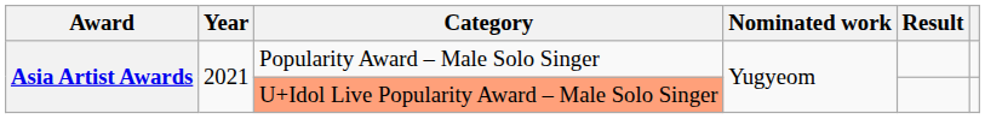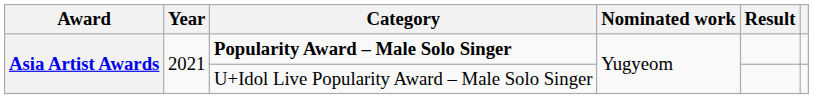 <table class="wikitable sortable plainrowheaders">
 <tr>
 <th scope="col">Award</th>
 <th scope="col">Year</th>
 <th scope="col">Category</th>
 <th scope="col">Nominated work</th>
 <th scope="col">Result</th>
 <th scope="col" class="unsortable"></th>
 </tr>
 <tr>
 <th scope="row" rowspan="2"><a href='#'>Asia Artist Awards</a></th>
 <td rowspan="2">2021</td>
-<td>Popularity Award – Male Solo Singer</td>
+<td><strong>Popularity Award – Male Solo Singer</strong></td>
 <td rowspan="2">Yugyeom</td>
 <td></td>
 <td></td>
 </tr>
 <tr>
-<td style="background: lightsalmon;">U+Idol Live Popularity Award – Male Solo Singer</td>
+<td>U+Idol Live Popularity Award – Male Solo Singer</td>
 <td></td>
 <td></td>
 </tr>
 </table>
